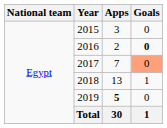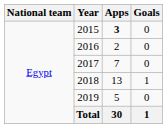 <table class="wikitable" style="text-align:center">
 <tr>
 <th>National team</th>
 <th>Year</th>
 <th>Apps</th>
 <th>Goals</th>
 </tr>
 <tr>
 <td rowspan="6"><a href='#'>Egypt</a></td>
 <td>2015</td>
-<td>3</td>
+<td><strong>3</strong></td>
 <td>0</td>
 </tr>
 <tr>
 <td>2016</td>
 <td>2</td>
-<td><strong>0</strong></td>
+<td>0</td>
 </tr>
 <tr>
 <td>2017</td>
 <td>7</td>
-<td style="background: lightsalmon;">0</td>
+<td>0</td>
 </tr>
 <tr>
 <td>2018</td>
 <td>13</td>
 <td>1</td>
 </tr>
 <tr>
 <td>2019</td>
-<td><strong>5</strong></td>
+<td>5</td>
 <td>0</td>
 </tr>
 <tr>
 <th>Total</th>
 <th>30</th>
 <th>1</th>
 </tr>
 </table>
